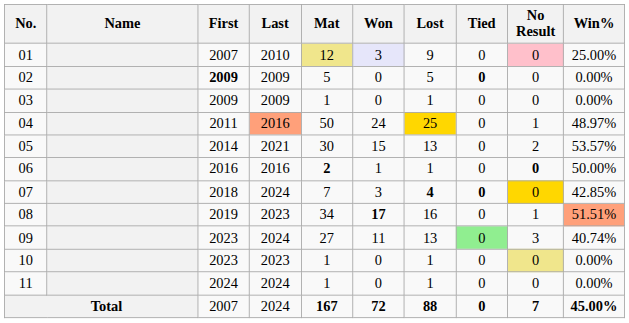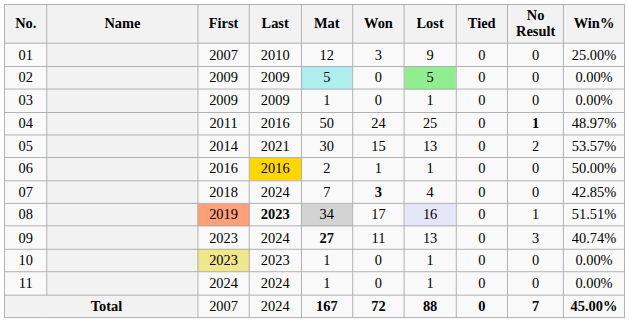 <table class="wikitable sortable">
 <tr>
 <th width="40" scope="col">No.</th>
 <th width="160" scope="col">Name</th>
 <th width="50" scope="col">First</th>
 <th width="50" scope="col">Last</th>
 <th width="50" scope="col">Mat</th>
 <th width="50" scope="col">Won</th>
 <th width="50" scope="col">Lost</th>
 <th width="50" scope="col">Tied</th>
 <th width="55" scope="col">No Result</th>
 <th width="60" scope="col">Win%</th>
 </tr>
 <tr align=center>
 <td><span>0</span>1</td>
 <th align=left scope="row"></th>
 <td>2007</td>
 <td>2010</td>
-<td style="background: khaki;">12</td>
-<td style="background: lavender;">3</td>
+<td>12</td>
+<td>3</td>
 <td>9</td>
 <td>0</td>
-<td style="background: pink;">0</td>
+<td>0</td>
 <td>25.00%</td>
 </tr>
 <tr align=center>
 <td><span>0</span>2</td>
 <th align=left scope="row"></th>
-<td><strong>2009</strong></td>
 <td>2009</td>
-<td>5</td>
+<td>2009</td>
+<td style="background: paleturquoise;">5</td>
 <td>0</td>
-<td>5</td>
-<td><strong>0</strong></td>
+<td style="background: lightgreen;">5</td>
+<td>0</td>
 <td>0</td>
 <td>0.00%</td>
 </tr>
 <tr align=center>
 <td><span>0</span>3</td>
 <th align=left scope="row"></th>
 <td>2009</td>
 <td>2009</td>
 <td>1</td>
 <td>0</td>
 <td>1</td>
 <td>0</td>
 <td>0</td>
 <td>0.00%</td>
 </tr>
 <tr align=center>
 <td><span>0</span>4</td>
 <th align=left scope="row"></th>
 <td>2011</td>
-<td style="background: lightsalmon;">2016</td>
+<td>2016</td>
 <td>50</td>
 <td>24</td>
-<td style="background: gold;">25</td>
+<td>25</td>
 <td>0</td>
-<td>1</td>
+<td><strong>1</strong></td>
 <td>48.97%</td>
 </tr>
 <tr align=center>
 <td><span>0</span>5</td>
 <th align=left scope="row"></th>
 <td>2014</td>
 <td>2021</td>
 <td>30</td>
 <td>15</td>
 <td>13</td>
 <td>0</td>
 <td>2</td>
 <td>53.57%</td>
 </tr>
 <tr align=center>
 <td><span>0</span>6</td>
 <th align=left scope="row"></th>
 <td>2016</td>
-<td>2016</td>
-<td><strong>2</strong></td>
+<td style="background: gold;">2016</td>
+<td>2</td>
 <td>1</td>
 <td>1</td>
 <td>0</td>
-<td><strong>0</strong></td>
+<td>0</td>
 <td>50.00%</td>
 </tr>
 <tr align=center>
 <td><span>0</span>7</td>
 <th align=left scope="row"></th>
 <td>2018</td>
 <td>2024</td>
 <td>7</td>
-<td>3</td>
-<td><strong>4</strong></td>
-<td><strong>0</strong></td>
-<td style="background: gold;">0</td>
+<td><strong>3</strong></td>
+<td>4</td>
+<td>0</td>
+<td>0</td>
 <td>42.85%</td>
 </tr>
 <tr align=center>
 <td><span>0</span>8</td>
 <th align=left scope="row"></th>
-<td>2019</td>
-<td>2023</td>
-<td>34</td>
-<td><strong>17</strong></td>
-<td>16</td>
+<td style="background: lightsalmon;">2019</td>
+<td><strong>2023</strong></td>
+<td style="background: lightgrey;">34</td>
+<td>17</td>
+<td style="background: lavender;">16</td>
 <td>0</td>
 <td>1</td>
-<td style="background: lightsalmon;">51.51%</td>
+<td>51.51%</td>
 </tr>
 <tr align=center>
 <td><span>0</span>9</td>
 <th align=left scope="row"></th>
 <td>2023</td>
 <td>2024</td>
-<td>27</td>
+<td><strong>27</strong></td>
 <td>11</td>
 <td>13</td>
-<td style="background: lightgreen;">0</td>
+<td>0</td>
 <td>3</td>
 <td>40.74%</td>
 </tr>
 <tr align=center>
 <td>10</td>
 <th align=left scope="row"></th>
-<td>2023</td>
+<td style="background: khaki;">2023</td>
 <td>2023</td>
 <td>1</td>
 <td>0</td>
 <td>1</td>
 <td>0</td>
-<td style="background: khaki;">0</td>
+<td>0</td>
 <td>0.00%</td>
 </tr>
 <tr align=center>
 <td>11</td>
 <th align=left scope="row"></th>
 <td>2024</td>
 <td>2024</td>
 <td>1</td>
 <td>0</td>
 <td>1</td>
 <td>0</td>
 <td>0</td>
 <td>0.00%</td>
 </tr>
 <tr class="sortbottom" align=center>
 <th colspan=2 align=left scope="row"><strong>   Total</strong></th>
 <td>2007</td>
 <td>2024</td>
 <td><strong>167</strong></td>
 <td><strong>72</strong></td>
 <td><strong>88</strong></td>
 <td><strong>0</strong></td>
 <td><strong>7</strong></td>
 <td><strong>45.00%</strong></td>
 </tr>
 </table>
